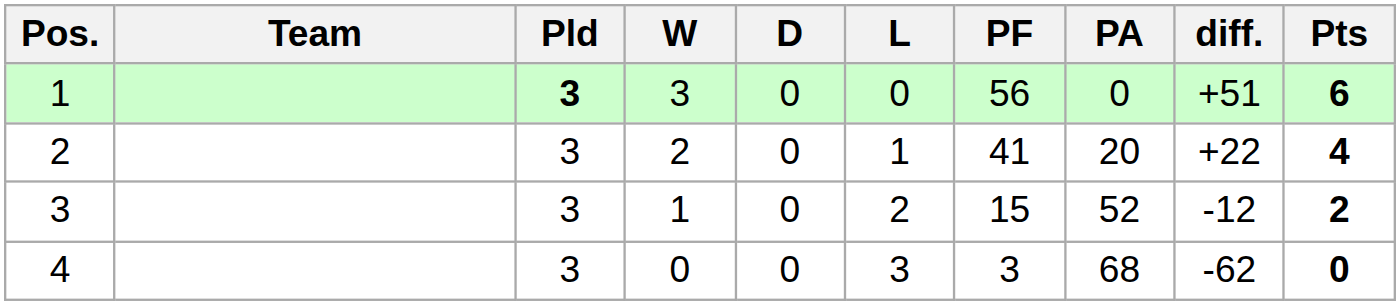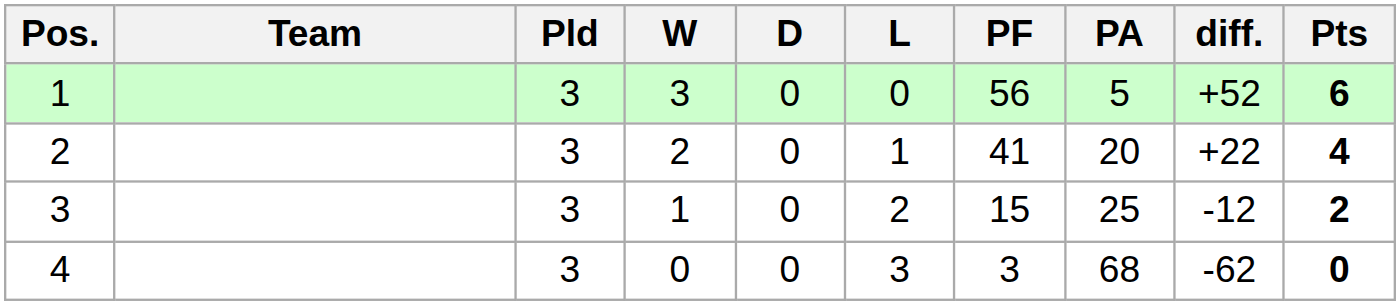 <table class="wikitable" style="text-align: center;">
 <tr>
 <th width=40>Pos.</th>
 <th width=165>Team</th>
 <th width=40>Pld</th>
 <th width=40>W</th>
 <th width=40>D</th>
 <th width=40>L</th>
 <th width=40>PF</th>
 <th width=40>PA</th>
 <th width=40>diff.</th>
 <th width=40>Pts</th>
 </tr>
 <tr bgcolor=#ccffcc align=center>
 <td>1</td>
 <td align=left></td>
-<td><strong>3</strong></td>
+<td>3</td>
 <td>3</td>
 <td>0</td>
 <td>0</td>
 <td>56</td>
-<td>0</td>
-<td>+51</td>
+<td>5</td>
+<td>+52</td>
 <td><strong>6</strong></td>
 </tr>
 <tr bgcolor=#ffffff align=center>
 <td>2</td>
 <td align=left></td>
 <td>3</td>
 <td>2</td>
 <td>0</td>
 <td>1</td>
 <td>41</td>
 <td>20</td>
 <td>+22</td>
 <td><strong>4</strong></td>
 </tr>
 <tr bgcolor=#ffffff align=center>
 <td>3</td>
 <td align=left></td>
 <td>3</td>
 <td>1</td>
 <td>0</td>
 <td>2</td>
 <td>15</td>
-<td>52</td>
+<td>25</td>
 <td>-12</td>
 <td><strong>2</strong></td>
 </tr>
 <tr bgcolor=#ffffff align=center>
 <td>4</td>
 <td align=left></td>
 <td>3</td>
 <td>0</td>
 <td>0</td>
 <td>3</td>
 <td>3</td>
 <td>68</td>
 <td>-62</td>
 <td><strong>0</strong></td>
 </tr>
 </table>
